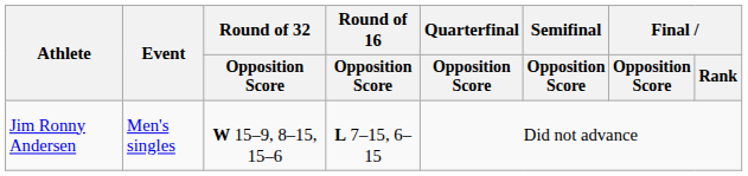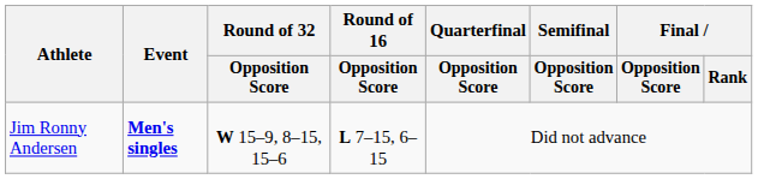 <table class=wikitable style="font-size:90%">
 <tr>
 <th rowspan="2">Athlete</th>
 <th rowspan="2">Event</th>
 <th>Round of 32</th>
 <th>Round of 16</th>
 <th>Quarterfinal</th>
 <th>Semifinal</th>
 <th colspan=2>Final / </th>
 </tr>
 <tr style="font-size:95%">
 <th>Opposition<br>Score</th>
 <th>Opposition<br>Score</th>
 <th>Opposition<br>Score</th>
 <th>Opposition<br>Score</th>
 <th>Opposition<br>Score</th>
 <th>Rank</th>
 </tr>
 <tr align=center>
 <td align=left><a href='#'>Jim Ronny Andersen</a></td>
-<td align=left><a href='#'>Men's singles</a></td>
+<td align=left><strong><a href='#'>Men's singles</a></strong></td>
 <td><br><strong>W</strong> 15–9, 8–15, 15–6</td>
 <td><br><strong>L</strong> 7–15, 6–15</td>
 <td colspan=4>Did not advance</td>
 </tr>
 </table>
